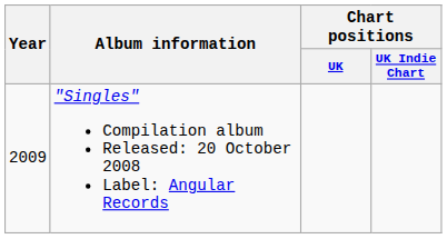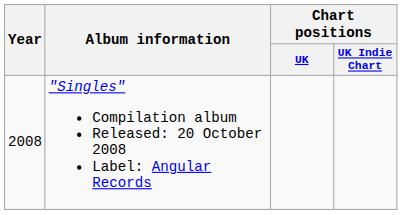 <table class="wikitable">
 <tr>
 <th rowspan="2">Year</th>
 <th rowspan="2" style="width:200px;">Album information</th>
 <th colspan="5" style="width:110px;">Chart positions</th>
 </tr>
 <tr>
 <th style="width:4em;font-size:80%"><a href='#'>UK</a></th>
 <th style="width:4em;font-size:80%"><a href='#'>UK Indie Chart</a></th>
 </tr>
 <tr>
-<td>2009</td>
+<td>2008</td>
 <td><em><a href='#'>"Singles"</a></em><br><ul><li>Compilation album</li><li>Released: 20 October 2008</li><li>Label: <a href='#'>Angular Records</a></li></ul></td>
 <td style="text-align:center;"></td>
 <td style="text-align:center;"></td>
 </tr>
 </table>
